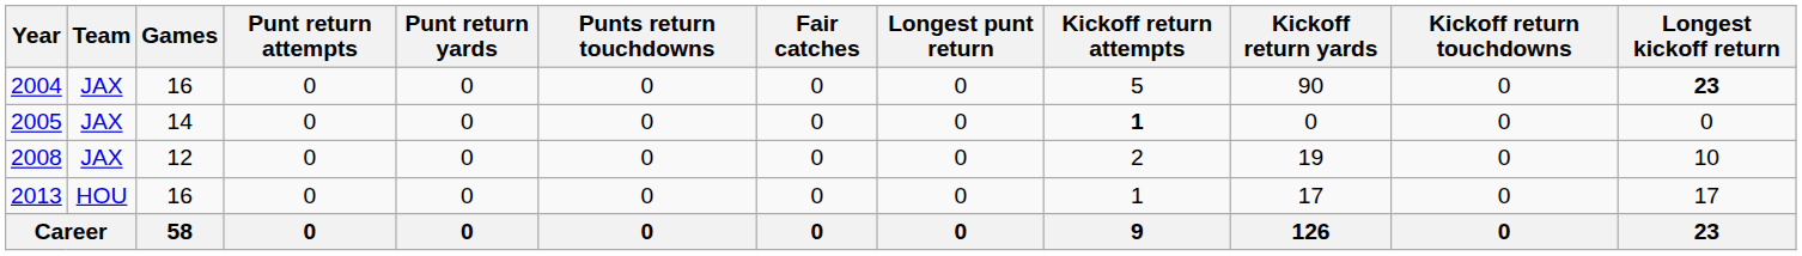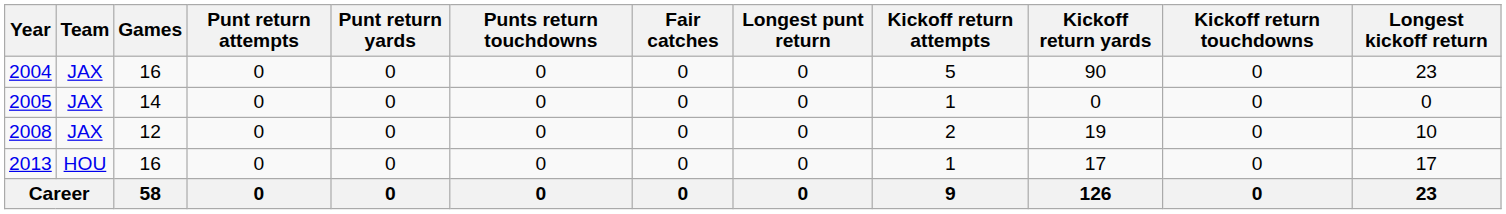 <table class="wikitable" style="text-align:center">
 <tr>
 <th>Year</th>
 <th>Team</th>
 <th>Games</th>
 <th>Punt return attempts</th>
 <th>Punt return yards</th>
 <th>Punts return touchdowns</th>
 <th>Fair catches</th>
 <th>Longest punt return</th>
 <th>Kickoff return attempts</th>
 <th>Kickoff return yards</th>
 <th>Kickoff return touchdowns</th>
 <th>Longest kickoff return</th>
 </tr>
 <tr>
 <td><a href='#'>2004</a></td>
 <td><a href='#'>JAX</a></td>
 <td>16</td>
 <td>0</td>
 <td>0</td>
 <td>0</td>
 <td>0</td>
 <td>0</td>
 <td>5</td>
 <td>90</td>
 <td>0</td>
-<td><strong>23</strong></td>
+<td>23</td>
 </tr>
 <tr>
 <td><a href='#'>2005</a></td>
 <td><a href='#'>JAX</a></td>
 <td>14</td>
 <td>0</td>
 <td>0</td>
 <td>0</td>
 <td>0</td>
 <td>0</td>
-<td><strong>1</strong></td>
+<td>1</td>
 <td>0</td>
 <td>0</td>
 <td>0</td>
 </tr>
 <tr>
 <td><a href='#'>2008</a></td>
 <td><a href='#'>JAX</a></td>
 <td>12</td>
 <td>0</td>
 <td>0</td>
 <td>0</td>
 <td>0</td>
 <td>0</td>
 <td>2</td>
 <td>19</td>
 <td>0</td>
 <td>10</td>
 </tr>
 <tr>
 <td><a href='#'>2013</a></td>
 <td><a href='#'>HOU</a></td>
 <td>16</td>
 <td>0</td>
 <td>0</td>
 <td>0</td>
 <td>0</td>
 <td>0</td>
 <td>1</td>
 <td>17</td>
 <td>0</td>
 <td>17</td>
 </tr>
 <tr>
 <th colspan="2">Career</th>
 <th>58</th>
 <th>0</th>
 <th>0</th>
 <th>0</th>
 <th>0</th>
 <th>0</th>
 <th>9</th>
 <th>126</th>
 <th>0</th>
 <th>23</th>
 </tr>
 </table>
